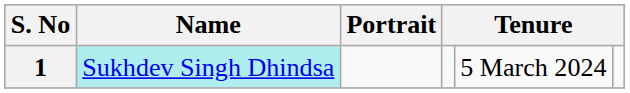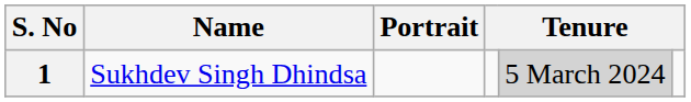 <table class="wikitable" style="text-align:center">
 <tr>
 <th>S. No</th>
 <th>Name</th>
 <th>Portrait</th>
 <th colspan=3>Tenure</th>
 </tr>
 <tr>
 <th>1</th>
-<td style="background: paleturquoise;"><a href='#'>Sukhdev Singh Dhindsa</a></td>
+<td><a href='#'>Sukhdev Singh Dhindsa</a></td>
 <td></td>
 <td></td>
-<td>5 March 2024</td>
+<td style="background: lightgrey;">5 March 2024</td>
 <td></td>
 </tr>
 </table>
